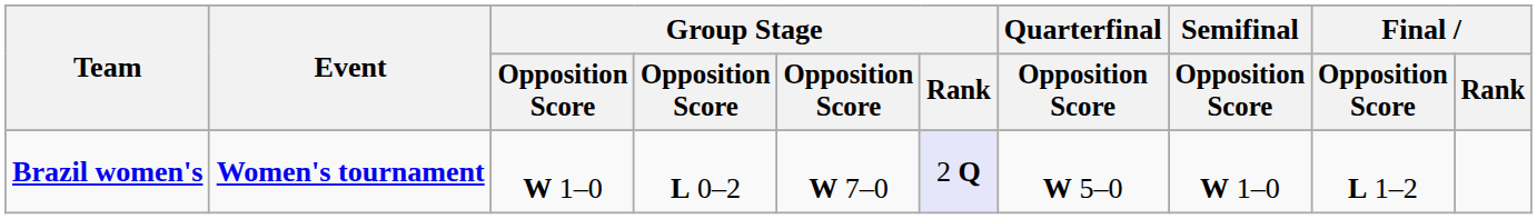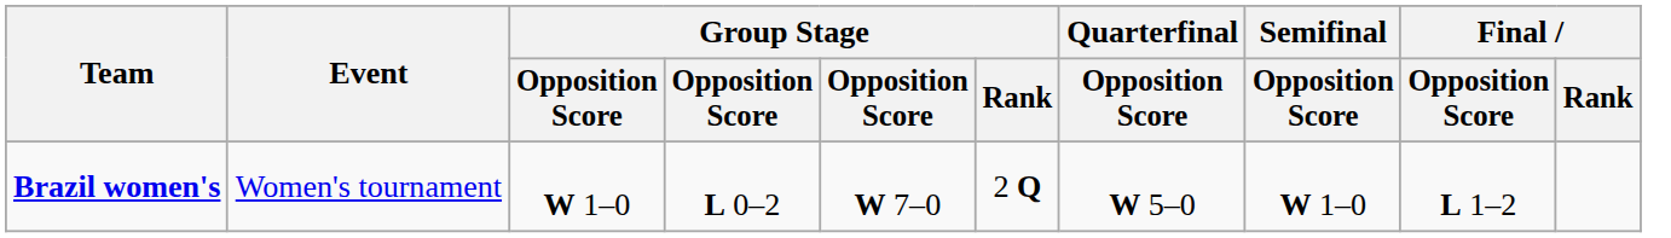 <table class="wikitable" style="font-size:90%">
 <tr>
 <th rowspan=2>Team</th>
 <th rowspan=2>Event</th>
 <th colspan=4>Group Stage</th>
 <th>Quarterfinal</th>
 <th>Semifinal</th>
 <th colspan=2>Final / </th>
 </tr>
 <tr style="font-size:95%">
 <th>Opposition<br>Score</th>
 <th>Opposition<br>Score</th>
 <th>Opposition<br>Score</th>
 <th>Rank</th>
 <th>Opposition<br>Score</th>
 <th>Opposition<br>Score</th>
 <th>Opposition<br>Score</th>
 <th>Rank</th>
 </tr>
 <tr align=center>
 <td align=left><strong><a href='#'>Brazil women's</a></strong></td>
-<td align=left><strong><a href='#'>Women's tournament</a></strong></td>
+<td align=left><a href='#'>Women's tournament</a></td>
 <td><br><strong>W</strong> 1–0</td>
 <td><br><strong>L</strong> 0–2</td>
 <td><br><strong>W</strong> 7–0</td>
-<td style="background: lavender;">2 <strong>Q</strong></td>
+<td>2 <strong>Q</strong></td>
 <td><br><strong>W</strong> 5–0</td>
 <td><br><strong>W</strong> 1–0</td>
 <td><br><strong>L</strong> 1–2 </td>
 <td></td>
 </tr>
 </table>
